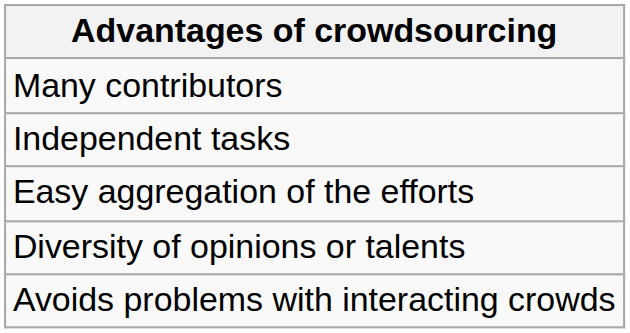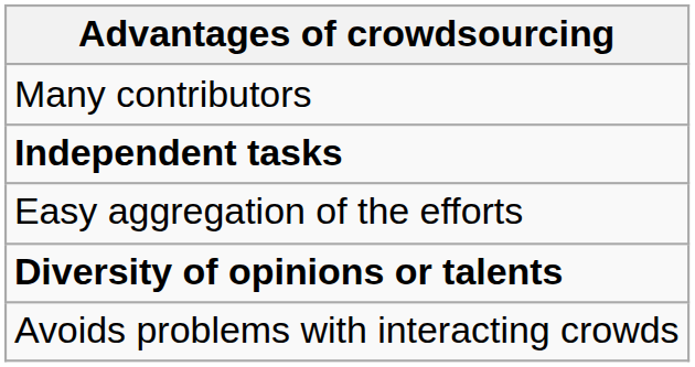 <table class="wikitable">
 <tr>
 <th>Advantages of crowdsourcing</th>
 </tr>
 <tr>
 <td>Many contributors</td>
 </tr>
 <tr>
-<td>Independent tasks</td>
+<td><strong>Independent tasks</strong></td>
 </tr>
 <tr>
 <td>Easy aggregation of the efforts</td>
 </tr>
 <tr>
-<td>Diversity of opinions or talents</td>
+<td><strong>Diversity of opinions or talents</strong></td>
 </tr>
 <tr>
 <td>Avoids problems with interacting crowds</td>
 </tr>
 </table>
